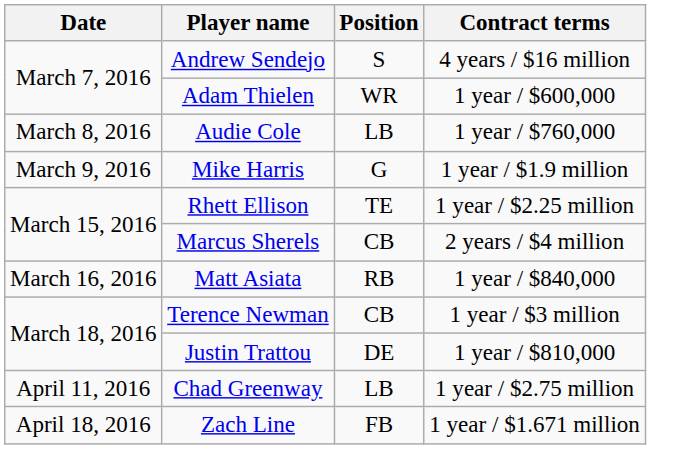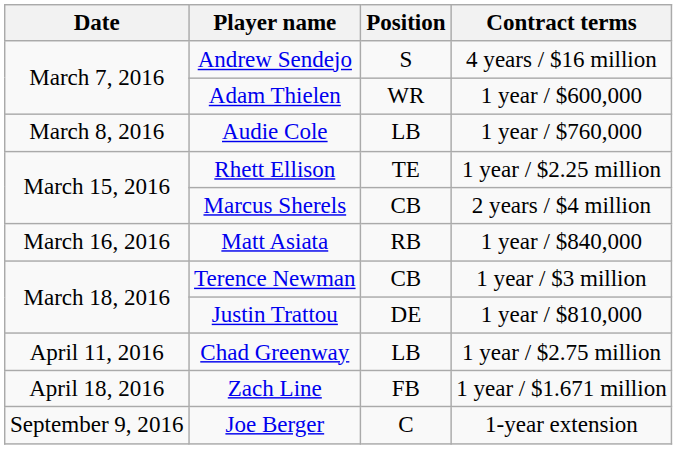 <table class="wikitable" style="text-align:center">
 <tr>
 <th>Date</th>
 <th>Player name</th>
 <th>Position</th>
 <th>Contract terms</th>
 </tr>
 <tr>
 <td rowspan="2">March 7, 2016</td>
 <td><a href='#'>Andrew Sendejo</a></td>
 <td>S</td>
 <td>4 years / $16 million</td>
 </tr>
 <tr>
 <td><a href='#'>Adam Thielen</a></td>
 <td>WR</td>
 <td>1 year / $600,000</td>
 </tr>
 <tr>
 <td>March 8, 2016</td>
 <td><a href='#'>Audie Cole</a></td>
 <td>LB</td>
 <td>1 year / $760,000</td>
-</tr>
-<tr>
-<td>March 9, 2016</td>
-<td><a href='#'>Mike Harris</a></td>
-<td>G</td>
-<td>1 year / $1.9 million</td>
 </tr>
 <tr>
 <td rowspan="2">March 15, 2016</td>
 <td><a href='#'>Rhett Ellison</a></td>
 <td>TE</td>
 <td>1 year / $2.25 million</td>
 </tr>
 <tr>
 <td><a href='#'>Marcus Sherels</a></td>
 <td>CB</td>
 <td>2 years / $4 million</td>
 </tr>
 <tr>
 <td>March 16, 2016</td>
 <td><a href='#'>Matt Asiata</a></td>
 <td>RB</td>
 <td>1 year / $840,000</td>
 </tr>
 <tr>
 <td rowspan="2">March 18, 2016</td>
 <td><a href='#'>Terence Newman</a></td>
 <td>CB</td>
 <td>1 year / $3 million</td>
 </tr>
 <tr>
 <td><a href='#'>Justin Trattou</a></td>
 <td>DE</td>
 <td>1 year / $810,000</td>
 </tr>
 <tr>
 <td>April 11, 2016</td>
 <td><a href='#'>Chad Greenway</a></td>
 <td>LB</td>
 <td>1 year / $2.75 million</td>
 </tr>
 <tr>
 <td>April 18, 2016</td>
 <td><a href='#'>Zach Line</a></td>
 <td>FB</td>
 <td>1 year / $1.671 million</td>
 </tr>
+<tr>
+<td>September 9, 2016</td>
+<td><a href='#'>Joe Berger</a></td>
+<td>C</td>
+<td>1-year extension</td>
+</tr>
 </table>
